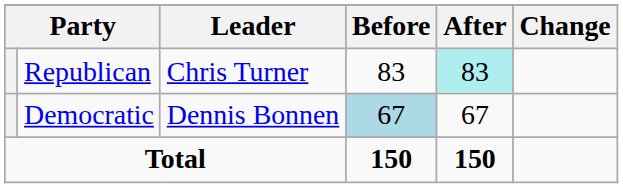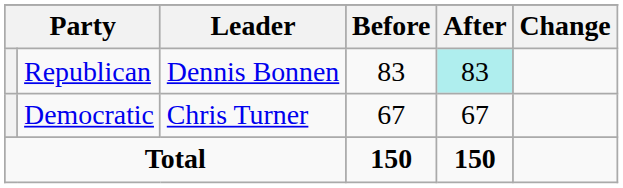 <table class="wikitable" style="text-align:center;">
 <tr>
 </tr>
 <tr>
 <th colspan=2>Party</th>
 <th>Leader</th>
 <th>Before</th>
 <th>After</th>
 <th>Change</th>
 </tr>
 <tr>
 <th style="background-color:"></th>
 <td style="text-align:left;"><a href='#'>Republican</a></td>
-<td style="text-align:left;"><a href='#'>Chris Turner</a></td>
+<td style="text-align:left;"><a href='#'>Dennis Bonnen</a></td>
 <td>83</td>
 <td style="background: paleturquoise;">83</td>
 <td></td>
 </tr>
 <tr>
 <th style="background-color:"></th>
 <td style="text-align:left;"><a href='#'>Democratic</a></td>
-<td style="text-align:left;"><a href='#'>Dennis Bonnen</a></td>
-<td style="background: lightblue;">67</td>
+<td style="text-align:left;"><a href='#'>Chris Turner</a></td>
+<td>67</td>
 <td>67</td>
 <td></td>
 </tr>
 <tr>
 <td colspan=3><strong>Total</strong></td>
 <td><strong>150</strong></td>
 <td><strong>150</strong></td>
 <td></td>
 </tr>
 </table>
